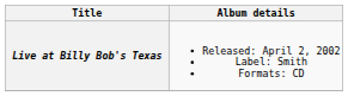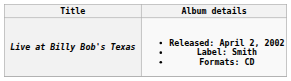 <table class="wikitable plainrowheaders" style="text-align:center;">
 <tr>
 <th scope="col" style="width:16em;">Title</th>
 <th scope="col" style="width:17em;">Album details</th>
 </tr>
 <tr>
 <th scope="row"><em>Live at Billy Bob's Texas</em></th>
-<td><br><ul><li>Released: April 2, 2002</li><li>Label: Smith</li><li>Formats: CD</li></ul></td>
+<td><strong><br><ul><li>Released: April 2, 2002</li><li>Label: Smith</li><li>Formats: CD</li></ul></strong></td>
 </tr>
 <tr>
 </tr>
 </table>
